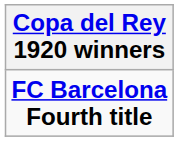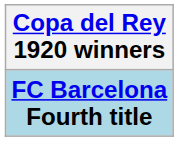 <table class="wikitable" style="text-align: center; margin: 0 auto;">
 <tr>
 <th><a href='#'>Copa del Rey</a><br>1920 winners</th>
 </tr>
 <tr>
-<td><strong><a href='#'>FC Barcelona</a></strong><br><strong>Fourth title</strong></td>
+<td style="background: lightblue;"><strong><a href='#'>FC Barcelona</a></strong><br><strong>Fourth title</strong></td>
 </tr>
 </table>
